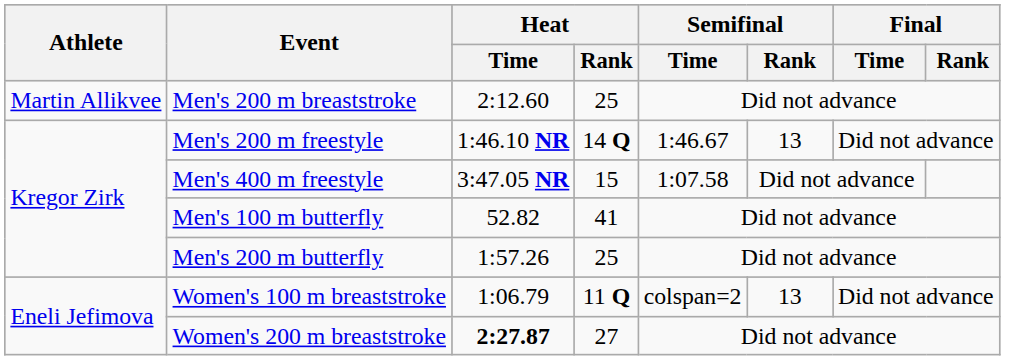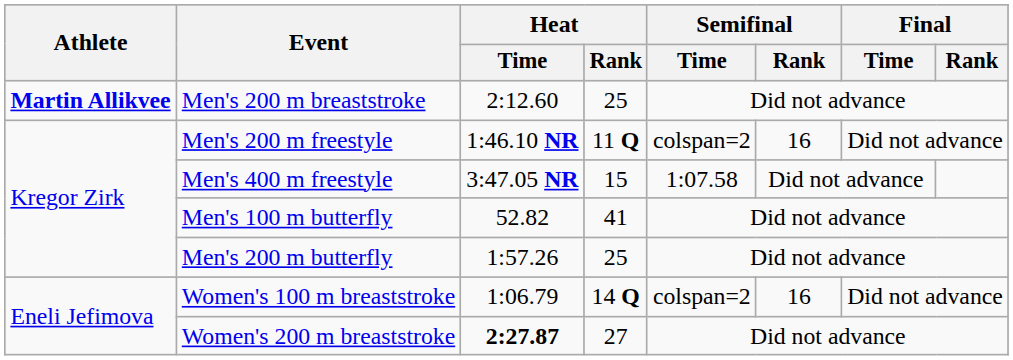 <table class=wikitable style=font-size:90%;>
 <tr>
 <th rowspan=2>Athlete</th>
 <th rowspan=2>Event</th>
 <th colspan=2>Heat</th>
 <th colspan=2>Semifinal</th>
 <th colspan=2>Final</th>
 </tr>
 <tr style=font-size:95%>
 <th>Time</th>
 <th>Rank</th>
 <th>Time</th>
 <th>Rank</th>
 <th>Time</th>
 <th>Rank</th>
 </tr>
 <tr align=center>
-<td align=left><a href='#'>Martin Allikvee</a></td>
+<td align=left><strong><a href='#'>Martin Allikvee</a></strong></td>
 <td align=left><a href='#'>Men's 200 m breaststroke</a></td>
 <td>2:12.60</td>
 <td>25</td>
 <td colspan="4">Did not advance</td>
 </tr>
 <tr align=center>
 <td align=left rowspan=4><a href='#'>Kregor Zirk</a></td>
 <td align=left><a href='#'>Men's 200 m freestyle</a></td>
 <td>1:46.10 <strong><a href='#'>NR</a></strong></td>
-<td>14 <strong>Q</strong></td>
-<td>1:46.67</td>
-<td>13</td>
+<td>11 <strong>Q</strong></td>
+<td>colspan=2 </td>
+<td>16</td>
 <td colspan="2">Did not advance</td>
 </tr>
 <tr align=center>
 <td align=left><a href='#'>Men's 400 m freestyle</a></td>
 <td>3:47.05 <strong><a href='#'>NR</a></strong></td>
 <td>15</td>
 <td>1:07.58</td>
 <td colspan="2">Did not advance</td>
 </tr>
 <tr align=center>
 <td align=left><a href='#'>Men's 100 m butterfly</a></td>
 <td>52.82</td>
 <td>41</td>
 <td colspan="4">Did not advance</td>
 </tr>
 <tr align=center>
 <td align=left><a href='#'>Men's 200 m butterfly</a></td>
 <td>1:57.26</td>
 <td>25</td>
 <td colspan="4">Did not advance</td>
 </tr>
 <tr align=center>
 <td align=left rowspan=2><a href='#'>Eneli Jefimova</a></td>
 <td align=left><a href='#'>Women's 100 m breaststroke</a></td>
 <td>1:06.79</td>
-<td>11 <strong>Q</strong></td>
+<td>14 <strong>Q</strong></td>
 <td>colspan=2 </td>
-<td>13</td>
+<td>16</td>
 <td colspan="2">Did not advance</td>
 </tr>
 <tr align=center>
 <td align=left><a href='#'>Women's 200 m breaststroke</a></td>
 <td><strong>2:27.87</strong></td>
 <td>27</td>
 <td colspan="4">Did not advance</td>
 </tr>
 </table>
